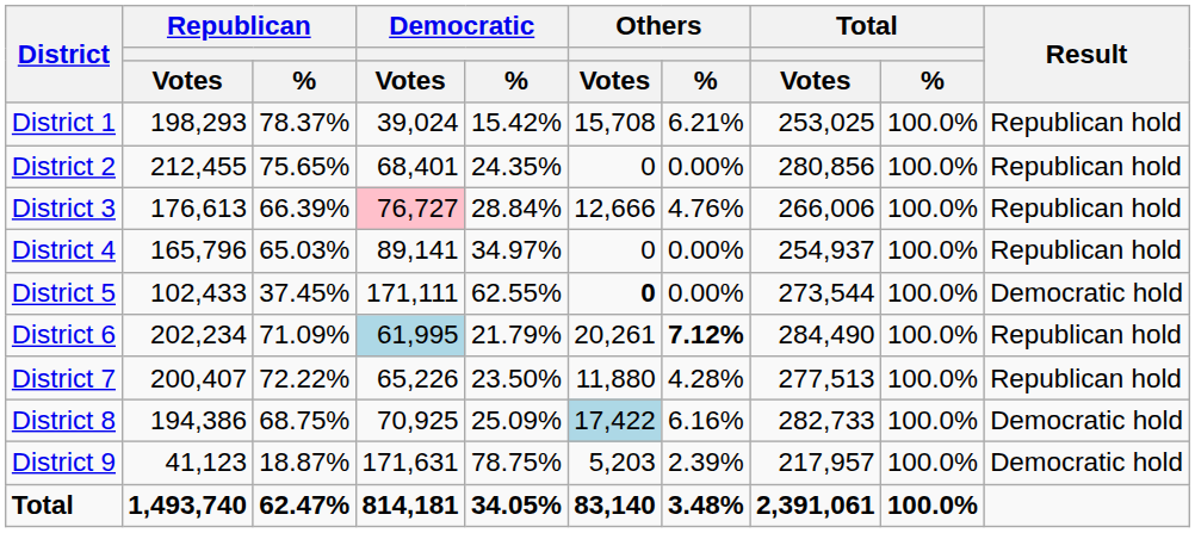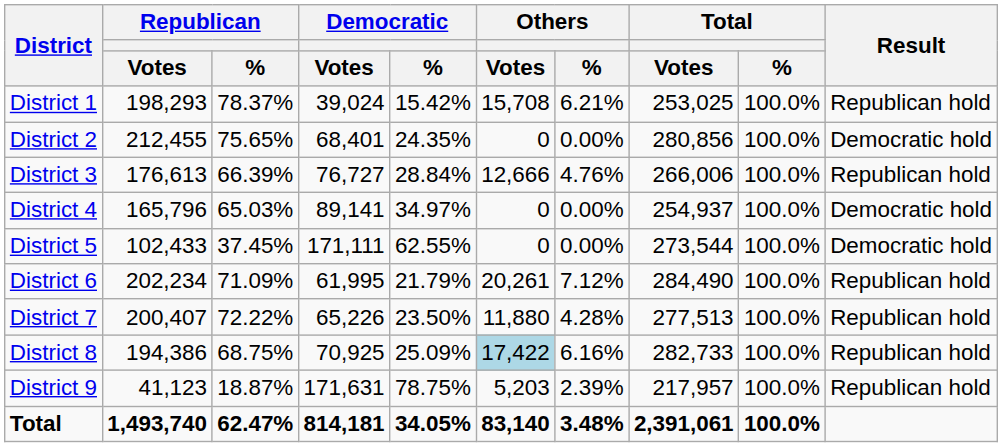 <table class="wikitable plainrowheaders sortable" style="font-size:100%; text-align:right;">
 <tr>
 <th scope=col rowspan=3><a href='#'>District</a></th>
 <th scope=col colspan=2><a href='#'>Republican</a></th>
 <th scope=col colspan=2><a href='#'>Democratic</a></th>
 <th scope=col colspan=2>Others</th>
 <th scope=col colspan=2>Total</th>
 <th scope=col rowspan=3>Result</th>
 </tr>
 <tr>
 <th scope=col colspan=2 style="background:"></th>
 <th scope=col colspan=2 style="background:"></th>
 <th scope=col colspan=2></th>
 <th scope=col colspan=2></th>
 </tr>
 <tr>
 <th scope=col data-sort-type="number">Votes</th>
 <th scope=col data-sort-type="number">%</th>
 <th scope=col data-sort-type="number">Votes</th>
 <th scope=col data-sort-type="number">%</th>
 <th scope=col data-sort-type="number">Votes</th>
 <th scope=col data-sort-type="number">%</th>
 <th scope=col data-sort-type="number">Votes</th>
 <th scope=col data-sort-type="number">%</th>
 </tr>
 <tr>
 <td align=left><a href='#'>District 1</a></td>
 <td>198,293</td>
 <td>78.37%</td>
 <td>39,024</td>
 <td>15.42%</td>
 <td>15,708</td>
 <td>6.21%</td>
 <td>253,025</td>
 <td>100.0%</td>
 <td align=left>Republican hold</td>
 </tr>
 <tr>
 <td align=left><a href='#'>District 2</a></td>
 <td>212,455</td>
 <td>75.65%</td>
 <td>68,401</td>
 <td>24.35%</td>
 <td>0</td>
 <td>0.00%</td>
 <td>280,856</td>
 <td>100.0%</td>
-<td align=left>Republican hold</td>
+<td align=left>Democratic hold</td>
 </tr>
 <tr>
 <td align=left><a href='#'>District 3</a></td>
 <td>176,613</td>
 <td>66.39%</td>
-<td style="background: pink;">76,727</td>
+<td>76,727</td>
 <td>28.84%</td>
 <td>12,666</td>
 <td>4.76%</td>
 <td>266,006</td>
 <td>100.0%</td>
 <td align=left>Republican hold</td>
 </tr>
 <tr>
 <td align=left><a href='#'>District 4</a></td>
 <td>165,796</td>
 <td>65.03%</td>
 <td>89,141</td>
 <td>34.97%</td>
 <td>0</td>
 <td>0.00%</td>
 <td>254,937</td>
 <td>100.0%</td>
-<td align=left>Republican hold</td>
+<td align=left>Democratic hold</td>
 </tr>
 <tr>
 <td align=left><a href='#'>District 5</a></td>
 <td>102,433</td>
 <td>37.45%</td>
 <td>171,111</td>
 <td>62.55%</td>
-<td><strong>0</strong></td>
+<td>0</td>
 <td>0.00%</td>
 <td>273,544</td>
 <td>100.0%</td>
 <td align=left>Democratic hold</td>
 </tr>
 <tr>
 <td align=left><a href='#'>District 6</a></td>
 <td>202,234</td>
 <td>71.09%</td>
-<td style="background: lightblue;">61,995</td>
+<td>61,995</td>
 <td>21.79%</td>
 <td>20,261</td>
-<td><strong>7.12%</strong></td>
+<td>7.12%</td>
 <td>284,490</td>
 <td>100.0%</td>
 <td align=left>Republican hold</td>
 </tr>
 <tr>
 <td align=left><a href='#'>District 7</a></td>
 <td>200,407</td>
 <td>72.22%</td>
 <td>65,226</td>
 <td>23.50%</td>
 <td>11,880</td>
 <td>4.28%</td>
 <td>277,513</td>
 <td>100.0%</td>
 <td align=left>Republican hold</td>
 </tr>
 <tr>
 <td align=left><a href='#'>District 8</a></td>
 <td>194,386</td>
 <td>68.75%</td>
 <td>70,925</td>
 <td>25.09%</td>
 <td style="background: lightblue;">17,422</td>
 <td>6.16%</td>
 <td>282,733</td>
 <td>100.0%</td>
-<td align=left>Democratic hold</td>
+<td align=left>Republican hold</td>
 </tr>
 <tr>
 <td align=left><a href='#'>District 9</a></td>
 <td>41,123</td>
 <td>18.87%</td>
 <td>171,631</td>
 <td>78.75%</td>
 <td>5,203</td>
 <td>2.39%</td>
 <td>217,957</td>
 <td>100.0%</td>
-<td align=left>Democratic hold</td>
+<td align=left>Republican hold</td>
 </tr>
 <tr class="sortbottom" style="font-weight:bold">
 <td align=left>Total</td>
 <td>1,493,740</td>
 <td>62.47%</td>
 <td>814,181</td>
 <td>34.05%</td>
 <td>83,140</td>
 <td>3.48%</td>
 <td>2,391,061</td>
 <td>100.0%</td>
 <td></td>
 </tr>
 </table>
